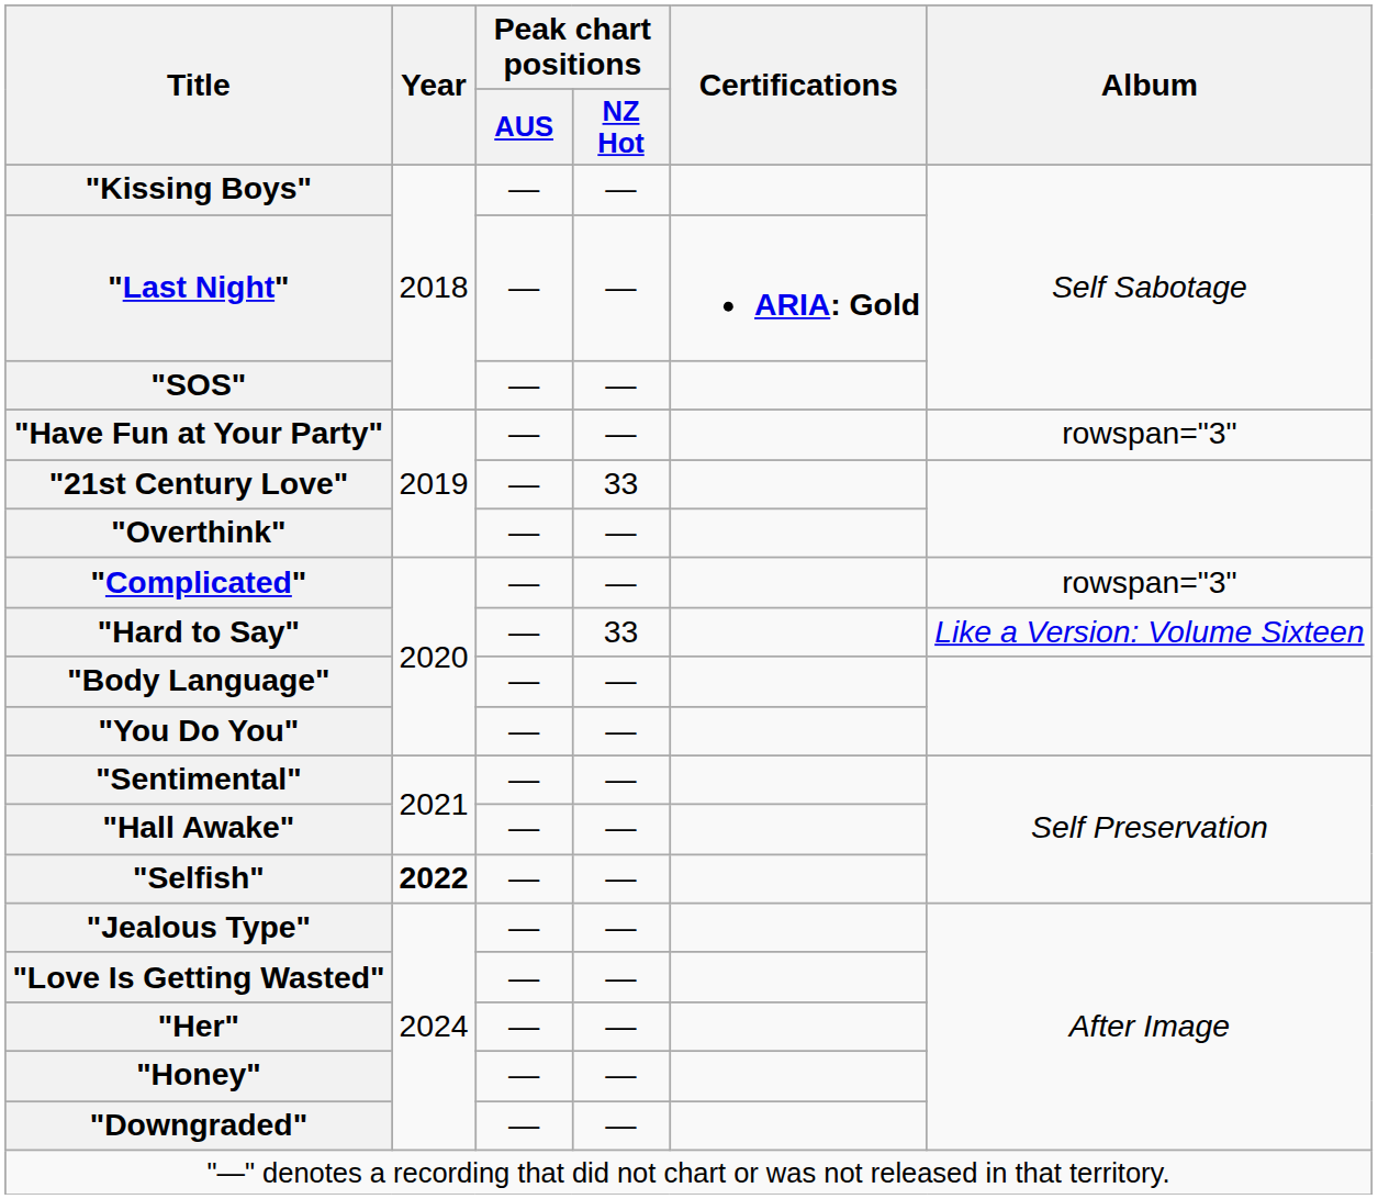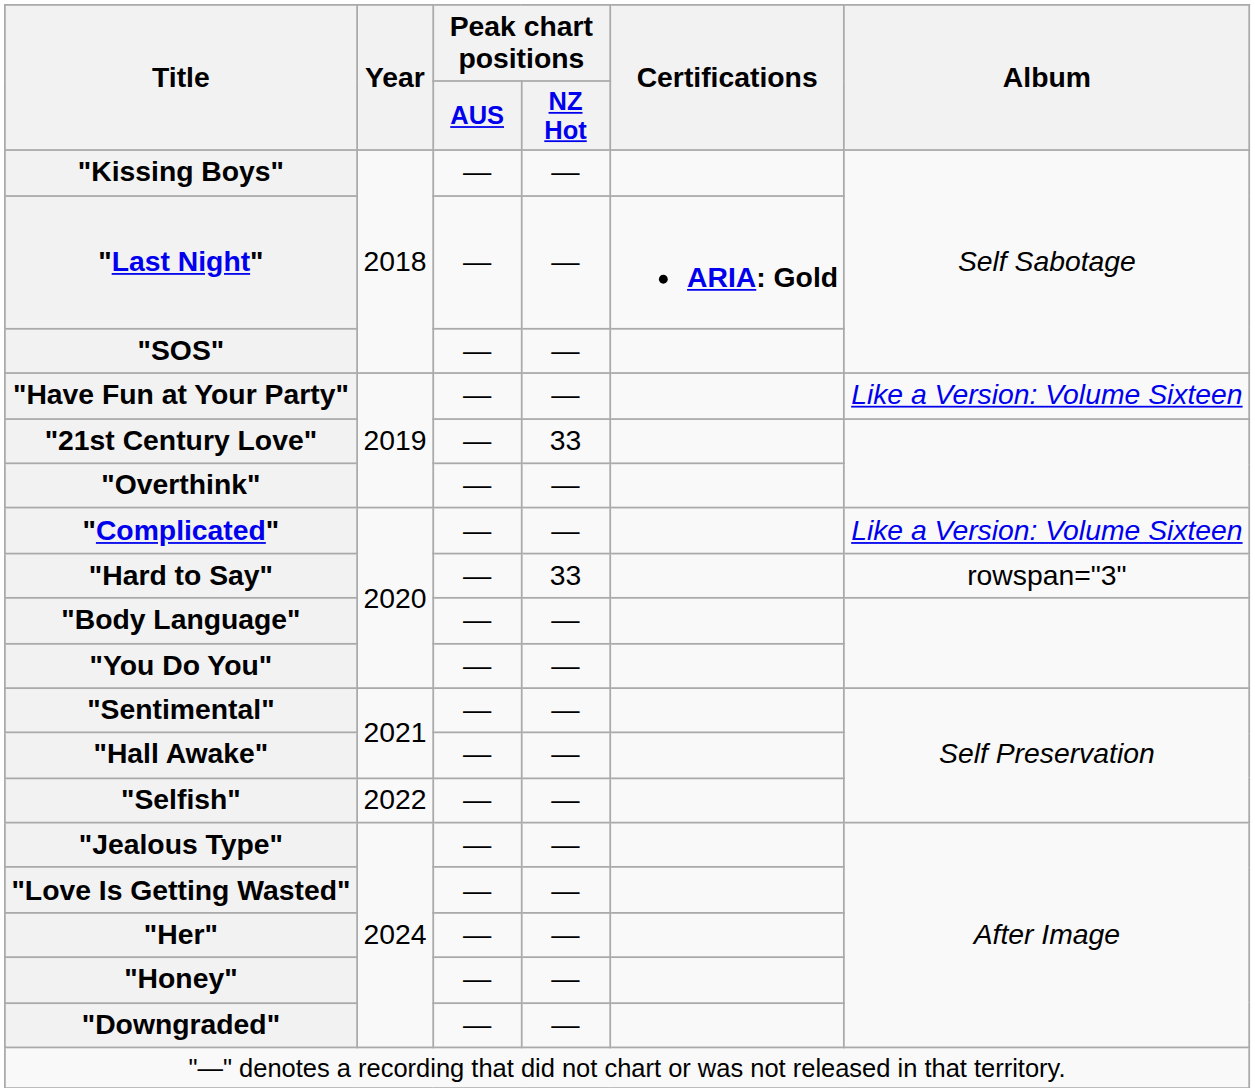 <table class="wikitable plainrowheaders" style=text-align:center;>
 <tr>
 <th scope="col" rowspan="2">Title</th>
 <th scope="col" rowspan="2">Year</th>
 <th scope="col" colspan="2">Peak chart positions</th>
 <th scope="col" rowspan="2">Certifications</th>
 <th scope="col" rowspan="2">Album</th>
 </tr>
 <tr>
 <th scope="col" style="width:3em;font-size:90%;"><a href='#'>AUS</a><br></th>
 <th scope="col" style="width:3em;font-size:90%;"><a href='#'>NZ<br>Hot</a><br></th>
 </tr>
 <tr>
 <th scope="row">"Kissing Boys"</th>
 <td rowspan="3">2018</td>
 <td>—</td>
 <td>—</td>
 <td></td>
 <td rowspan="3"><em>Self Sabotage</em></td>
 </tr>
 <tr>
 <th scope="row">"<a href='#'>Last Night</a>"</th>
 <td>—</td>
 <td>—</td>
 <td><strong><br><ul><li><a href='#'>ARIA</a>: Gold</li></ul></strong></td>
 </tr>
 <tr>
 <th scope="row">"SOS"</th>
 <td>—</td>
 <td>—</td>
 <td></td>
 </tr>
 <tr>
 <th scope="row">"Have Fun at Your Party"</th>
 <td rowspan="3">2019</td>
 <td>—</td>
 <td>—</td>
 <td></td>
-<td>rowspan="3" </td>
+<td><em><a href='#'>Like a Version: Volume Sixteen</a></em></td>
 </tr>
 <tr>
 <th scope="row">"21st Century Love"</th>
 <td>—</td>
 <td>33</td>
 <td></td>
 </tr>
 <tr>
 <th scope="row">"Overthink"</th>
 <td>—</td>
 <td>—</td>
 <td></td>
 </tr>
 <tr>
 <th scope="row">"<a href='#'>Complicated</a>"<br></th>
 <td rowspan="4">2020</td>
 <td>—</td>
 <td>—</td>
 <td></td>
-<td>rowspan="3" </td>
+<td><em><a href='#'>Like a Version: Volume Sixteen</a></em></td>
 </tr>
 <tr>
 <th scope="row">"Hard to Say"<br></th>
 <td>—</td>
 <td>33</td>
 <td></td>
-<td><em><a href='#'>Like a Version: Volume Sixteen</a></em></td>
+<td>rowspan="3" </td>
 </tr>
 <tr>
 <th scope="row">"Body Language"</th>
 <td>—</td>
 <td>—</td>
 <td></td>
 </tr>
 <tr>
 <th scope="row">"You Do You"</th>
 <td>—</td>
 <td>—</td>
 <td></td>
 </tr>
 <tr>
 <th scope="row">"Sentimental"</th>
 <td rowspan="2">2021</td>
 <td>—</td>
 <td>—</td>
 <td></td>
 <td rowspan="3"><em>Self Preservation</em></td>
 </tr>
 <tr>
 <th scope="row">"Hall Awake"</th>
 <td>—</td>
 <td>—</td>
 <td></td>
 </tr>
 <tr>
 <th scope="row">"Selfish"</th>
-<td><strong>2022</strong></td>
+<td>2022</td>
 <td>—</td>
 <td>—</td>
 <td></td>
 </tr>
 <tr>
 <th scope="row">"Jealous Type"</th>
 <td rowspan="5">2024</td>
 <td>—</td>
 <td>—</td>
 <td></td>
 <td rowspan="5"><em>After Image</em></td>
 </tr>
 <tr>
 <th scope="row">"Love Is Getting Wasted"</th>
 <td>—</td>
 <td>—</td>
 <td></td>
 </tr>
 <tr>
 <th scope="row">"Her"</th>
 <td>—</td>
 <td>—</td>
 <td></td>
 </tr>
 <tr>
 <th scope="row">"Honey"</th>
 <td>—</td>
 <td>—</td>
 <td></td>
 </tr>
 <tr>
 <th scope="row">"Downgraded"</th>
 <td>—</td>
 <td>—</td>
 <td></td>
 </tr>
 <tr>
 <td colspan="17" style="font-size:90%">"—" denotes a recording that did not chart or was not released in that territory.</td>
 </tr>
 </table>
